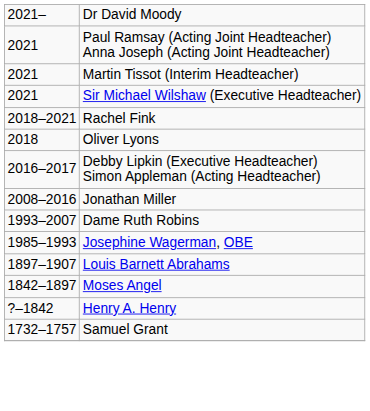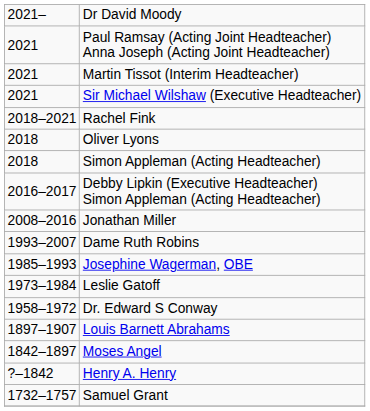 <table class="wikitable" border="1">
 <tr>
 <td>2021–</td>
 <td>Dr David Moody</td>
 </tr>
 <tr>
 <td>2021</td>
 <td>Paul Ramsay (Acting Joint Headteacher)<br>Anna Joseph (Acting Joint Headteacher)</td>
 </tr>
 <tr>
 <td>2021</td>
 <td>Martin Tissot (Interim Headteacher)</td>
 </tr>
 <tr>
 <td>2021</td>
 <td><a href='#'>Sir Michael Wilshaw</a> (Executive Headteacher)</td>
 </tr>
 <tr>
 <td>2018–2021</td>
 <td>Rachel Fink</td>
 </tr>
 <tr>
 <td>2018</td>
 <td>Oliver Lyons</td>
 </tr>
 <tr>
+<td>2018</td>
+<td>Simon Appleman (Acting Headteacher)</td>
+</tr>
+<tr>
 <td>2016–2017</td>
 <td>Debby Lipkin (Executive Headteacher)<br>Simon Appleman (Acting Headteacher)</td>
 </tr>
 <tr>
 <td>2008–2016</td>
 <td>Jonathan Miller</td>
 </tr>
 <tr>
 <td>1993–2007</td>
 <td>Dame Ruth Robins</td>
 </tr>
 <tr>
 <td>1985–1993</td>
 <td><a href='#'>Josephine Wagerman</a>, <a href='#'>OBE</a></td>
+</tr>
+<tr>
+<td>1973–1984</td>
+<td>Leslie Gatoff</td>
+</tr>
+<tr>
+<td>1958–1972</td>
+<td>Dr. Edward S Conway</td>
 </tr>
 <tr>
 <td>1897–1907</td>
 <td><a href='#'>Louis Barnett Abrahams</a></td>
 </tr>
 <tr>
 <td>1842–1897</td>
 <td><a href='#'>Moses Angel</a></td>
 </tr>
 <tr>
 <td>?–1842</td>
 <td><a href='#'>Henry A. Henry</a></td>
 </tr>
 <tr>
 <td>1732–1757</td>
 <td>Samuel Grant</td>
 </tr>
 <tr>
 </tr>
 </table>
